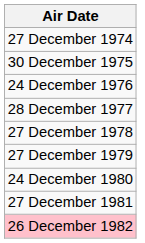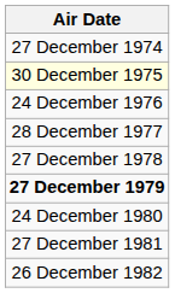 <table class="wikitable" style="text-align:center;">
 <tr>
 <th>Air Date</th>
 </tr>
 <tr>
 <td>27 December 1974</td>
 </tr>
 <tr>
-<td>30 December 1975</td>
+<td style="background: lightyellow;">30 December 1975</td>
 </tr>
 <tr>
 <td>24 December 1976</td>
 </tr>
 <tr>
 <td>28 December 1977</td>
 </tr>
 <tr>
 <td>27 December 1978</td>
 </tr>
 <tr>
-<td>27 December 1979</td>
+<td><strong>27 December 1979</strong></td>
 </tr>
 <tr>
 <td>24 December 1980</td>
 </tr>
 <tr>
 <td>27 December 1981</td>
 </tr>
 <tr>
-<td style="background: pink;">26 December 1982</td>
+<td>26 December 1982</td>
 </tr>
 </table>
